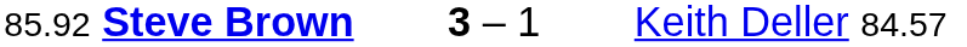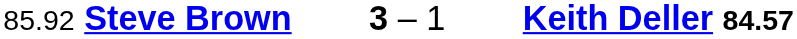 <table style="text-align:center">
 <tr>
 <th width=223></th>
 <th width=100></th>
 <th width=223></th>
 </tr>
 <tr>
 <td align=right><small>85.92</small> <strong><a href='#'>Steve Brown</a></strong> </td>
 <td><strong>3</strong> – 1</td>
-<td align=left> <a href='#'>Keith Deller</a> <small>84.57</small></td>
+<td align=left><strong> <a href='#'>Keith Deller</a> <small>84.57</small></strong></td>
 </tr>
 </table>
